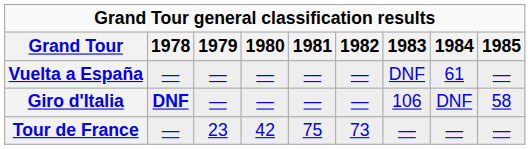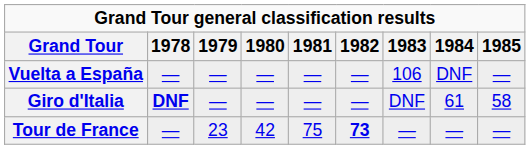 <table class="wikitable plainrowheaders">
 <tr>
 <td colspan=13 align="center"><strong>Grand Tour general classification results</strong></td>
 </tr>
 <tr>
 <th scope="col"><a href='#'>Grand Tour</a></th>
 <th scope="col">1978</th>
 <th scope="col">1979</th>
 <th scope="col">1980</th>
 <th scope="col">1981</th>
 <th scope="col">1982</th>
 <th scope="col">1983</th>
 <th scope="col">1984</th>
 <th scope="col">1985</th>
 </tr>
 <tr style="text-align:center;">
 <th scope="row"> <a href='#'>Vuelta a España</a></th>
 <td style="background:#eee;"><a href='#'>—</a></td>
 <td style="background:#eee;"><a href='#'>—</a></td>
 <td style="background:#eee;"><a href='#'>—</a></td>
 <td style="background:#eee;"><a href='#'>—</a></td>
 <td style="background:#eee;"><a href='#'>—</a></td>
+<td style="background:#eee;"><a href='#'>106</a></td>
 <td style="background:#eee;"><a href='#'>DNF</a></td>
-<td style="background:#eee;"><a href='#'>61</a></td>
 <td style="background:#eee;"><a href='#'>—</a></td>
 </tr>
 <tr style="text-align:center;">
 <th scope="row"> <a href='#'>Giro d'Italia</a></th>
 <td style="background:#eee;"><strong><a href='#'>DNF</a></strong></td>
 <td style="background:#eee;"><a href='#'>—</a></td>
 <td style="background:#eee;"><a href='#'>—</a></td>
 <td style="background:#eee;"><a href='#'>—</a></td>
 <td style="background:#eee;"><a href='#'>—</a></td>
-<td style="background:#eee;"><a href='#'>106</a></td>
 <td style="background:#eee;"><a href='#'>DNF</a></td>
+<td style="background:#eee;"><a href='#'>61</a></td>
 <td style="background:#eee;"><a href='#'>58</a></td>
 </tr>
 <tr style="text-align:center;">
 <th scope="row"> <a href='#'>Tour de France</a></th>
 <td style="background:#eee;"><a href='#'>—</a></td>
 <td style="background:#eee;"><a href='#'>23</a></td>
 <td style="background:#eee;"><a href='#'>42</a></td>
 <td style="background:#eee;"><a href='#'>75</a></td>
-<td style="background:#eee;"><a href='#'>73</a></td>
+<td style="background:#eee;"><strong><a href='#'>73</a></strong></td>
 <td style="background:#eee;"><a href='#'>—</a></td>
 <td style="background:#eee;"><a href='#'>—</a></td>
 <td style="background:#eee;"><a href='#'>—</a></td>
 </tr>
 </table>
